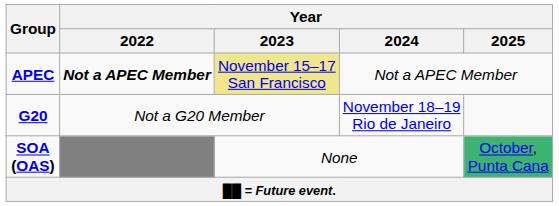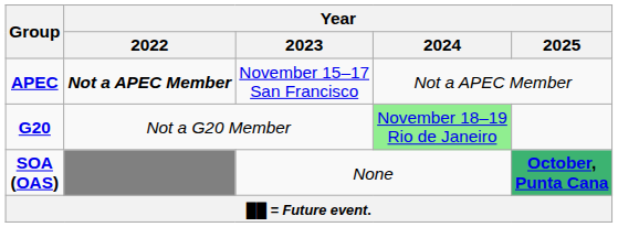 <table class="wikitable" style="margin:1em auto; font-size:95%; text-align:center;">
 <tr>
 <th rowspan="2">Group</th>
 <th colspan="4">Year</th>
 </tr>
 <tr>
 <th>2022</th>
 <th>2023</th>
 <th>2024</th>
 <th>2025</th>
 </tr>
 <tr>
 <td><strong><a href='#'>APEC</a></strong></td>
 <td colspan="1"><strong><em>Not a APEC Member</em></strong></td>
-<td style="background: khaki;"><a href='#'>November 15–17</a><br> <a href='#'>San Francisco</a></td>
+<td><a href='#'>November 15–17</a><br> <a href='#'>San Francisco</a></td>
 <td colspan="2"><em>Not a APEC Member</em></td>
 </tr>
 <tr>
 <td><strong><a href='#'>G20</a></strong></td>
 <td colspan="2"><em>Not a G20 Member</em></td>
-<td><a href='#'>November 18–19</a><br> <a href='#'>Rio de Janeiro</a></td>
+<td style="background: lightgreen;"><a href='#'>November 18–19</a><br> <a href='#'>Rio de Janeiro</a></td>
 <td></td>
 </tr>
 <tr>
 <td><strong><a href='#'>SOA</a><br>(<a href='#'>OAS</a>)</strong></td>
 <td style="background:grey;"></td>
 <td colspan="2"><em>None</em></td>
-<td style="background:#3Cb371;"><a href='#'>October</a>,<br> <a href='#'>Punta Cana</a></td>
+<td style="background:#3Cb371;"><strong><a href='#'>October</a>,<br> <a href='#'>Punta Cana</a></strong></td>
 </tr>
 <tr>
 <th colspan="53"><small><em><span>██</span> = Future event</em>.</small></th>
 </tr>
 </table>
